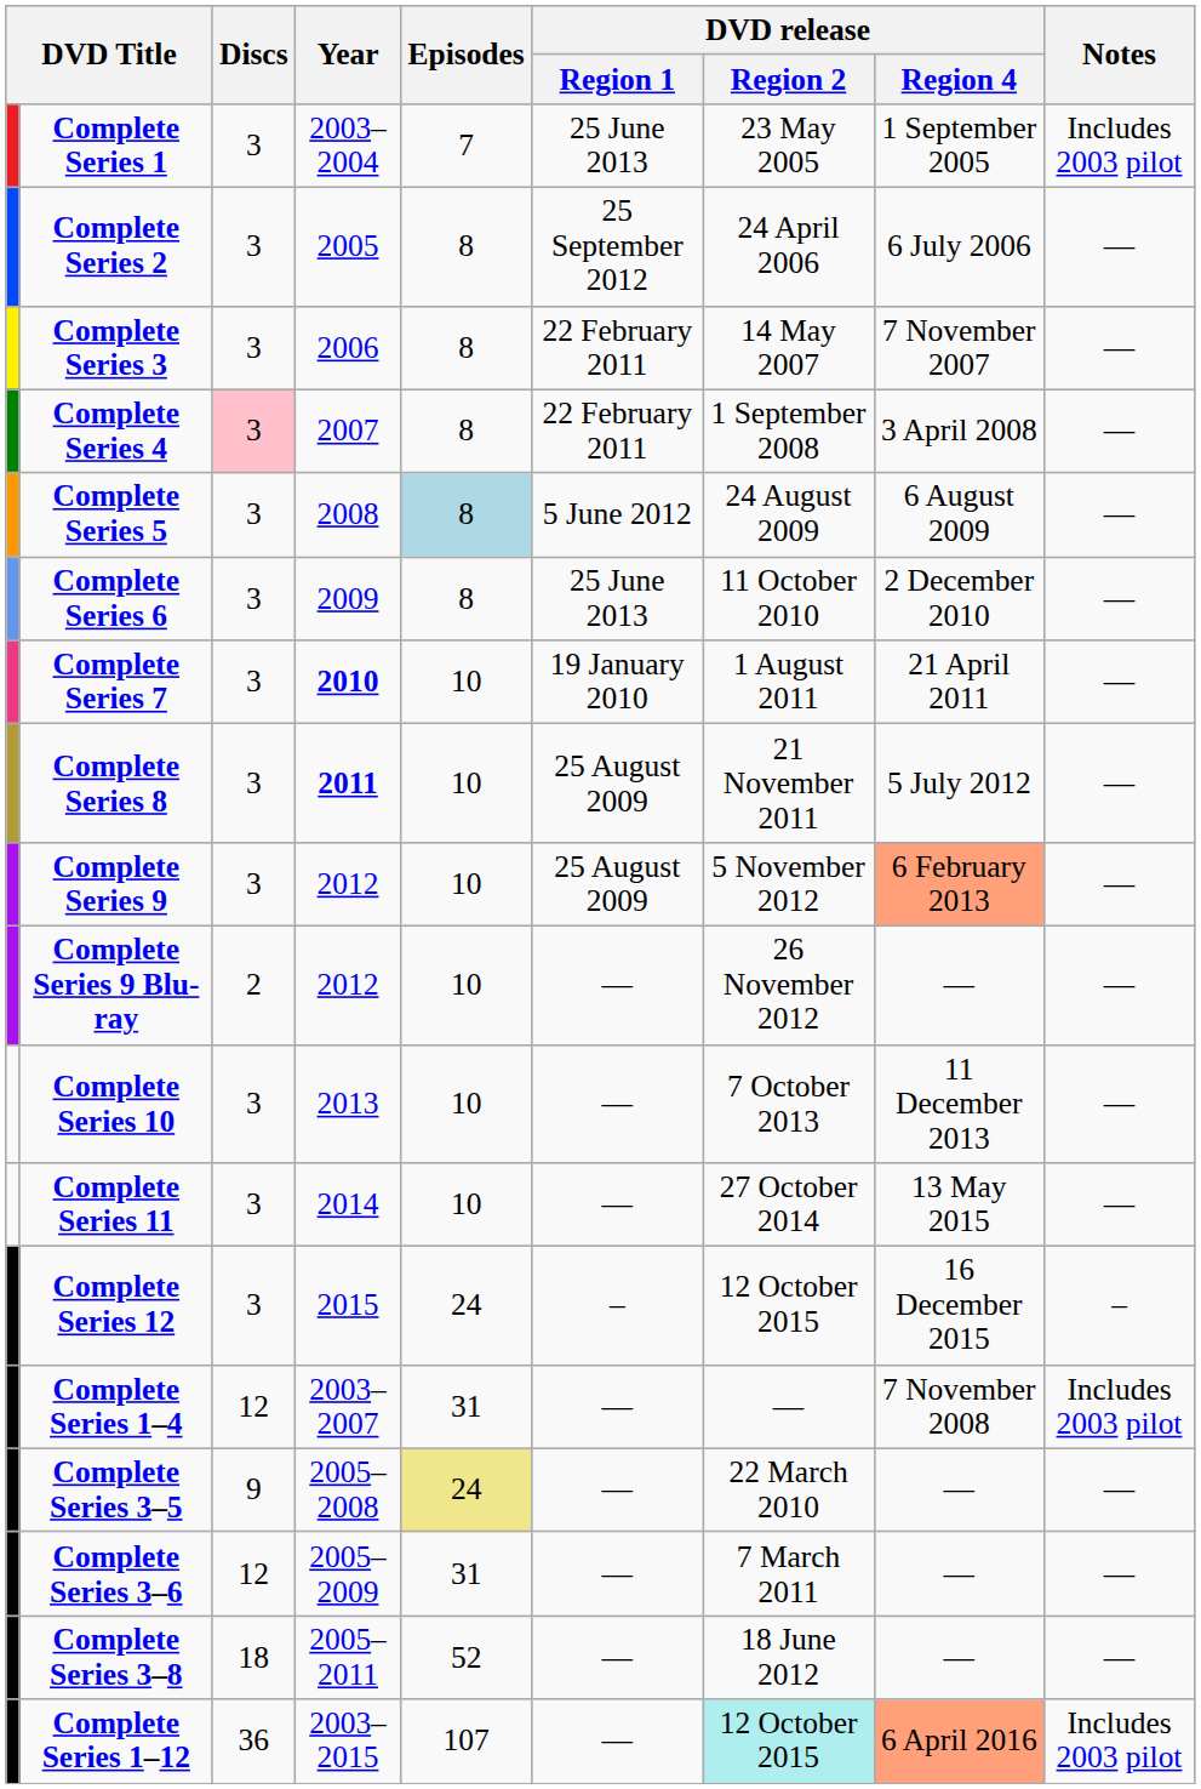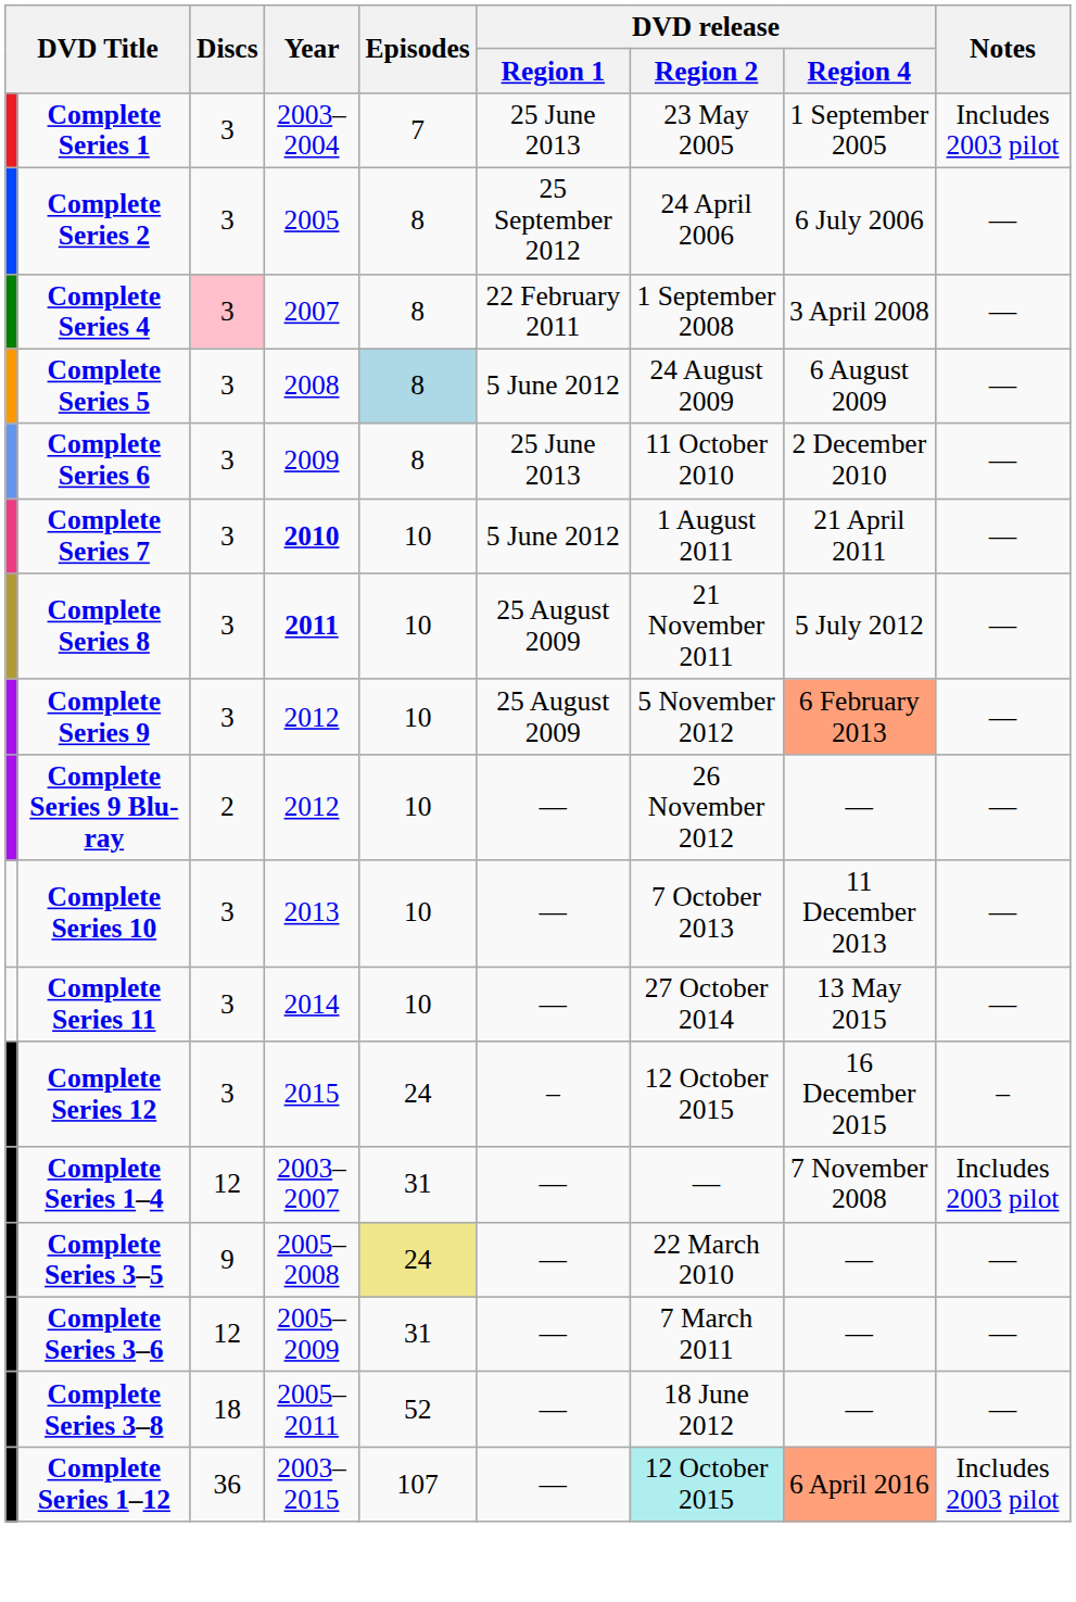 <table class="wikitable" width="99%" style="left: 0 auto; text-align: center;">
 <tr>
 <th colspan="2" rowspan="2">DVD Title</th>
 <th rowspan="2">Discs</th>
 <th rowspan="2">Year</th>
 <th rowspan="2">Episodes</th>
 <th colspan="3">DVD release</th>
 <th rowspan="2">Notes</th>
 </tr>
 <tr>
 <th><a href='#'>Region 1</a></th>
 <th><a href='#'>Region 2</a></th>
 <th><a href='#'>Region 4</a></th>
 </tr>
 <tr>
 <td bgcolor="ED1C24"></td>
 <td><strong><a href='#'>Complete Series 1</a></strong></td>
 <td>3</td>
 <td><a href='#'>2003</a>–<a href='#'>2004</a></td>
 <td>7</td>
 <td>25 June 2013</td>
 <td>23 May 2005</td>
 <td>1 September 2005</td>
 <td>Includes <a href='#'>2003</a> <a href='#'>pilot</a></td>
 </tr>
 <tr>
 <td bgcolor="0247FE"></td>
 <td><strong><a href='#'>Complete Series 2</a></strong></td>
 <td>3</td>
 <td><a href='#'>2005</a></td>
 <td>8</td>
 <td>25 September 2012</td>
 <td>24 April 2006</td>
 <td>6 July 2006</td>
-<td>—</td>
-</tr>
-<tr>
-<td bgcolor="FFEF00"></td>
-<td><strong><a href='#'>Complete Series 3</a></strong></td>
-<td>3</td>
-<td><a href='#'>2006</a></td>
-<td>8</td>
-<td>22 February 2011</td>
-<td>14 May 2007</td>
-<td>7 November 2007</td>
 <td>—</td>
 </tr>
 <tr>
 <td bgcolor="008000"></td>
 <td><strong><a href='#'>Complete Series 4</a></strong></td>
 <td style="background: pink;">3</td>
 <td><a href='#'>2007</a></td>
 <td>8</td>
 <td>22 February 2011</td>
 <td>1 September 2008</td>
 <td>3 April 2008</td>
 <td>—</td>
 </tr>
 <tr>
 <td bgcolor="FB9902"></td>
 <td><strong><a href='#'>Complete Series 5</a></strong></td>
 <td>3</td>
 <td><a href='#'>2008</a></td>
 <td style="background: lightblue;">8</td>
 <td>5 June 2012</td>
 <td>24 August 2009</td>
 <td>6 August 2009</td>
 <td>—</td>
 </tr>
 <tr>
 <td bgcolor="6495ED"></td>
 <td><strong><a href='#'>Complete Series 6</a></strong></td>
 <td>3</td>
 <td><a href='#'>2009</a></td>
 <td>8</td>
 <td>25 June 2013</td>
 <td>11 October 2010</td>
 <td>2 December 2010</td>
 <td>—</td>
 </tr>
 <tr>
 <td bgcolor="EC3B83"></td>
 <td><strong><a href='#'>Complete Series 7</a></strong></td>
 <td>3</td>
 <td><strong><a href='#'>2010</a></strong></td>
 <td>10</td>
-<td>19 January 2010</td>
+<td>5 June 2012</td>
 <td>1 August 2011</td>
 <td>21 April 2011</td>
 <td>—</td>
 </tr>
 <tr>
 <td bgcolor="B09B37"></td>
 <td><strong><a href='#'>Complete Series 8</a></strong></td>
 <td>3</td>
 <td><strong><a href='#'>2011</a></strong></td>
 <td>10</td>
 <td>25 August 2009</td>
 <td>21 November 2011</td>
 <td>5 July 2012</td>
 <td>—</td>
 </tr>
 <tr>
 <td bgcolor="A811EE"></td>
 <td><strong><a href='#'>Complete Series 9</a></strong></td>
 <td>3</td>
 <td><a href='#'>2012</a></td>
 <td>10</td>
 <td>25 August 2009</td>
 <td>5 November 2012</td>
 <td style="background: lightsalmon;">6 February 2013</td>
 <td>—</td>
 </tr>
 <tr>
 <td bgcolor="A811EE"></td>
 <td><strong><a href='#'>Complete Series 9 Blu-ray</a></strong></td>
 <td>2</td>
 <td><a href='#'>2012</a></td>
 <td>10</td>
 <td>—</td>
 <td>26 November 2012</td>
 <td>—</td>
 <td>—</td>
 </tr>
 <tr>
 <td bgcolor=></td>
 <td><strong><a href='#'>Complete Series 10</a></strong></td>
 <td>3</td>
 <td><a href='#'>2013</a></td>
 <td>10</td>
 <td>—</td>
 <td>7 October 2013</td>
 <td>11 December 2013</td>
 <td>—</td>
 </tr>
 <tr>
 <td bgcolor=></td>
 <td><strong><a href='#'>Complete Series 11</a></strong></td>
 <td>3</td>
 <td><a href='#'>2014</a></td>
 <td>10</td>
 <td>—</td>
 <td>27 October 2014</td>
 <td>13 May 2015</td>
 <td>—</td>
 </tr>
 <tr>
 <td bgcolor="000000"></td>
 <td><strong><a href='#'>Complete Series 12</a></strong></td>
 <td>3</td>
 <td><a href='#'>2015</a></td>
 <td>24</td>
 <td>–</td>
 <td>12 October 2015</td>
 <td>16 December 2015</td>
 <td>–</td>
 </tr>
 <tr>
 <td bgcolor="000000"></td>
 <td><strong><a href='#'>Complete Series 1</a>–<a href='#'>4</a></strong></td>
 <td>12</td>
 <td><a href='#'>2003</a>–<a href='#'>2007</a></td>
 <td>31</td>
 <td>—</td>
 <td>—</td>
 <td>7 November 2008</td>
 <td>Includes <a href='#'>2003</a> <a href='#'>pilot</a></td>
 </tr>
 <tr>
 <td bgcolor="000000"></td>
 <td><strong><a href='#'>Complete Series 3</a>–<a href='#'>5</a></strong></td>
 <td>9</td>
 <td><a href='#'>2005</a>–<a href='#'>2008</a></td>
 <td style="background: khaki;">24</td>
 <td>—</td>
 <td>22 March 2010</td>
 <td>—</td>
 <td>—</td>
 </tr>
 <tr>
 <td bgcolor="000000"></td>
 <td><strong><a href='#'>Complete Series 3</a>–<a href='#'>6</a></strong></td>
 <td>12</td>
 <td><a href='#'>2005</a>–<a href='#'>2009</a></td>
 <td>31</td>
 <td>—</td>
 <td>7 March 2011</td>
 <td>—</td>
 <td>—</td>
 </tr>
 <tr>
 <td bgcolor="000000"></td>
 <td><strong><a href='#'>Complete Series 3</a>–<a href='#'>8</a></strong></td>
 <td>18</td>
 <td><a href='#'>2005</a>–<a href='#'>2011</a></td>
 <td>52</td>
 <td>—</td>
 <td>18 June 2012</td>
 <td>—</td>
 <td>—</td>
 </tr>
 <tr>
 <td bgcolor="000000"></td>
 <td><strong><a href='#'>Complete Series 1</a>–<a href='#'>12</a></strong></td>
 <td>36</td>
 <td><a href='#'>2003</a>–<a href='#'>2015</a></td>
 <td>107</td>
 <td>—</td>
 <td style="background: paleturquoise;">12 October 2015</td>
 <td style="background: lightsalmon;">6 April 2016</td>
 <td>Includes <a href='#'>2003</a> <a href='#'>pilot</a></td>
 </tr>
 </table>
